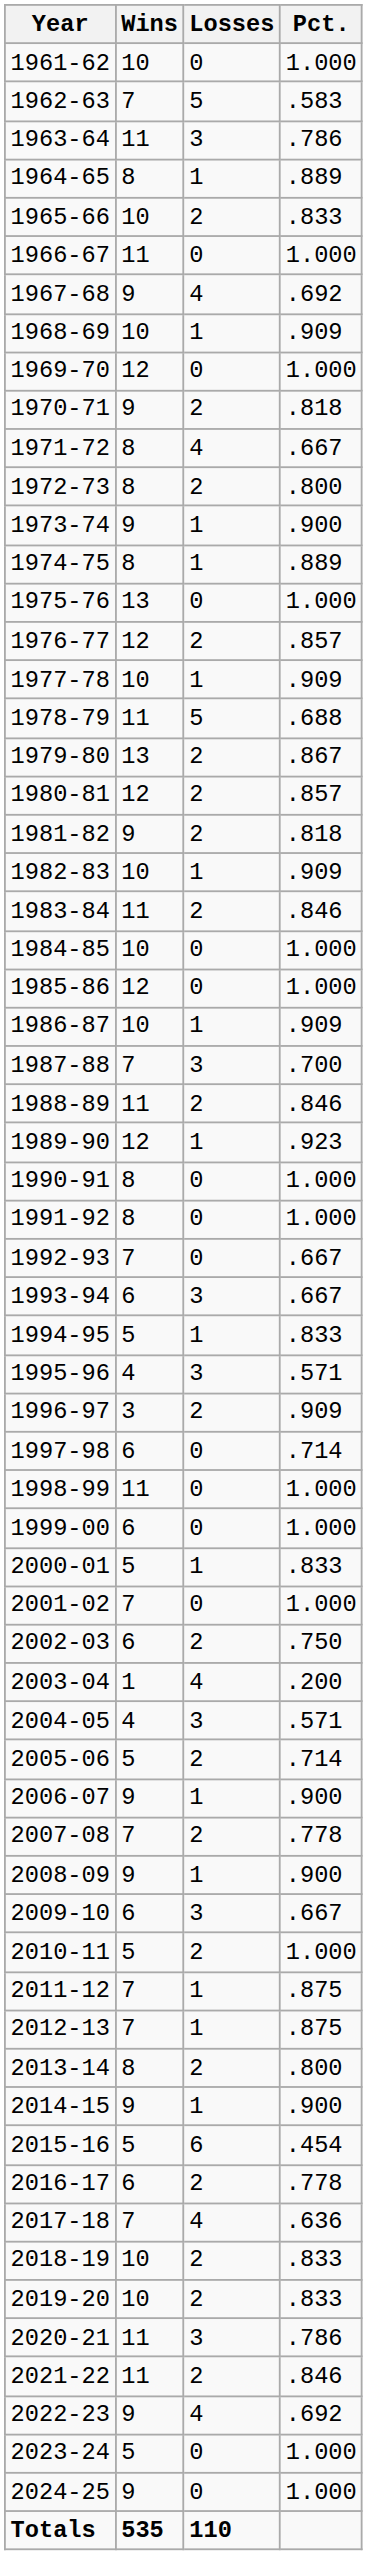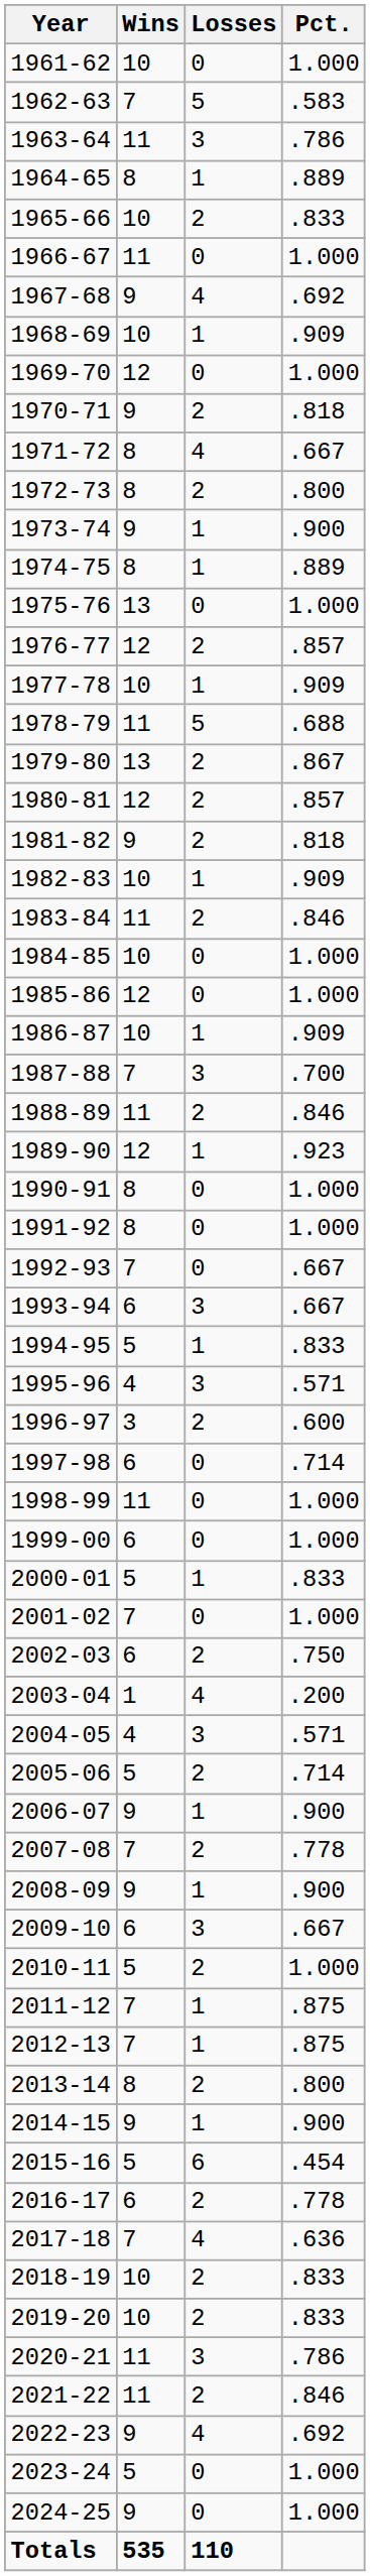 <table class="wikitable">
 <tr>
 <th>Year</th>
 <th>Wins</th>
 <th>Losses</th>
 <th>Pct.</th>
 </tr>
 <tr>
 <td>1961-62</td>
 <td>10</td>
 <td>0</td>
 <td>1.000</td>
 </tr>
 <tr>
 <td>1962-63</td>
 <td>7</td>
 <td>5</td>
 <td>.583</td>
 </tr>
 <tr>
 <td>1963-64</td>
 <td>11</td>
 <td>3</td>
 <td>.786</td>
 </tr>
 <tr>
 <td>1964-65</td>
 <td>8</td>
 <td>1</td>
 <td>.889</td>
 </tr>
 <tr>
 <td>1965-66</td>
 <td>10</td>
 <td>2</td>
 <td>.833</td>
 </tr>
 <tr>
 <td>1966-67</td>
 <td>11</td>
 <td>0</td>
 <td>1.000</td>
 </tr>
 <tr>
 <td>1967-68</td>
 <td>9</td>
 <td>4</td>
 <td>.692</td>
 </tr>
 <tr>
 <td>1968-69</td>
 <td>10</td>
 <td>1</td>
 <td>.909</td>
 </tr>
 <tr>
 <td>1969-70</td>
 <td>12</td>
 <td>0</td>
 <td>1.000</td>
 </tr>
 <tr>
 <td>1970-71</td>
 <td>9</td>
 <td>2</td>
 <td>.818</td>
 </tr>
 <tr>
 <td>1971-72</td>
 <td>8</td>
 <td>4</td>
 <td>.667</td>
 </tr>
 <tr>
 <td>1972-73</td>
 <td>8</td>
 <td>2</td>
 <td>.800</td>
 </tr>
 <tr>
 <td>1973-74</td>
 <td>9</td>
 <td>1</td>
 <td>.900</td>
 </tr>
 <tr>
 <td>1974-75</td>
 <td>8</td>
 <td>1</td>
 <td>.889</td>
 </tr>
 <tr>
 <td>1975-76</td>
 <td>13</td>
 <td>0</td>
 <td>1.000</td>
 </tr>
 <tr>
 <td>1976-77</td>
 <td>12</td>
 <td>2</td>
 <td>.857</td>
 </tr>
 <tr>
 <td>1977-78</td>
 <td>10</td>
 <td>1</td>
 <td>.909</td>
 </tr>
 <tr>
 <td>1978-79</td>
 <td>11</td>
 <td>5</td>
 <td>.688</td>
 </tr>
 <tr>
 <td>1979-80</td>
 <td>13</td>
 <td>2</td>
 <td>.867</td>
 </tr>
 <tr>
 <td>1980-81</td>
 <td>12</td>
 <td>2</td>
 <td>.857</td>
 </tr>
 <tr>
 <td>1981-82</td>
 <td>9</td>
 <td>2</td>
 <td>.818</td>
 </tr>
 <tr>
 <td>1982-83</td>
 <td>10</td>
 <td>1</td>
 <td>.909</td>
 </tr>
 <tr>
 <td>1983-84</td>
 <td>11</td>
 <td>2</td>
 <td>.846</td>
 </tr>
 <tr>
 <td>1984-85</td>
 <td>10</td>
 <td>0</td>
 <td>1.000</td>
 </tr>
 <tr>
 <td>1985-86</td>
 <td>12</td>
 <td>0</td>
 <td>1.000</td>
 </tr>
 <tr>
 <td>1986-87</td>
 <td>10</td>
 <td>1</td>
 <td>.909</td>
 </tr>
 <tr>
 <td>1987-88</td>
 <td>7</td>
 <td>3</td>
 <td>.700</td>
 </tr>
 <tr>
 <td>1988-89</td>
 <td>11</td>
 <td>2</td>
 <td>.846</td>
 </tr>
 <tr>
 <td>1989-90</td>
 <td>12</td>
 <td>1</td>
 <td>.923</td>
 </tr>
 <tr>
 <td>1990-91</td>
 <td>8</td>
 <td>0</td>
 <td>1.000</td>
 </tr>
 <tr>
 <td>1991-92</td>
 <td>8</td>
 <td>0</td>
 <td>1.000</td>
 </tr>
 <tr>
 <td>1992-93</td>
 <td>7</td>
 <td>0</td>
 <td>.667</td>
 </tr>
 <tr>
 <td>1993-94</td>
 <td>6</td>
 <td>3</td>
 <td>.667</td>
 </tr>
 <tr>
 <td>1994-95</td>
 <td>5</td>
 <td>1</td>
 <td>.833</td>
 </tr>
 <tr>
 <td>1995-96</td>
 <td>4</td>
 <td>3</td>
 <td>.571</td>
 </tr>
 <tr>
 <td>1996-97</td>
 <td>3</td>
 <td>2</td>
-<td>.909</td>
+<td>.600</td>
 </tr>
 <tr>
 <td>1997-98</td>
 <td>6</td>
 <td>0</td>
 <td>.714</td>
 </tr>
 <tr>
 <td>1998-99</td>
 <td>11</td>
 <td>0</td>
 <td>1.000</td>
 </tr>
 <tr>
 <td>1999-00</td>
 <td>6</td>
 <td>0</td>
 <td>1.000</td>
 </tr>
 <tr>
 <td>2000-01</td>
 <td>5</td>
 <td>1</td>
 <td>.833</td>
 </tr>
 <tr>
 <td>2001-02</td>
 <td>7</td>
 <td>0</td>
 <td>1.000</td>
 </tr>
 <tr>
 <td>2002-03</td>
 <td>6</td>
 <td>2</td>
 <td>.750</td>
 </tr>
 <tr>
 <td>2003-04</td>
 <td>1</td>
 <td>4</td>
 <td>.200</td>
 </tr>
 <tr>
 <td>2004-05</td>
 <td>4</td>
 <td>3</td>
 <td>.571</td>
 </tr>
 <tr>
 <td>2005-06</td>
 <td>5</td>
 <td>2</td>
 <td>.714</td>
 </tr>
 <tr>
 <td>2006-07</td>
 <td>9</td>
 <td>1</td>
 <td>.900</td>
 </tr>
 <tr>
 <td>2007-08</td>
 <td>7</td>
 <td>2</td>
 <td>.778</td>
 </tr>
 <tr>
 <td>2008-09</td>
 <td>9</td>
 <td>1</td>
 <td>.900</td>
 </tr>
 <tr>
 <td>2009-10</td>
 <td>6</td>
 <td>3</td>
 <td>.667</td>
 </tr>
 <tr>
 <td>2010-11</td>
 <td>5</td>
 <td>2</td>
 <td>1.000</td>
 </tr>
 <tr>
 <td>2011-12</td>
 <td>7</td>
 <td>1</td>
 <td>.875</td>
 </tr>
 <tr>
 <td>2012-13</td>
 <td>7</td>
 <td>1</td>
 <td>.875</td>
 </tr>
 <tr>
 <td>2013-14</td>
 <td>8</td>
 <td>2</td>
 <td>.800</td>
 </tr>
 <tr>
 <td>2014-15</td>
 <td>9</td>
 <td>1</td>
 <td>.900</td>
 </tr>
 <tr>
 <td>2015-16</td>
 <td>5</td>
 <td>6</td>
 <td>.454</td>
 </tr>
 <tr>
 <td>2016-17</td>
 <td>6</td>
 <td>2</td>
 <td>.778</td>
 </tr>
 <tr>
 <td>2017-18</td>
 <td>7</td>
 <td>4</td>
 <td>.636</td>
 </tr>
 <tr>
 <td>2018-19</td>
 <td>10</td>
 <td>2</td>
 <td>.833</td>
 </tr>
 <tr>
 <td>2019-20</td>
 <td>10</td>
 <td>2</td>
 <td>.833</td>
 </tr>
 <tr>
 <td>2020-21</td>
 <td>11</td>
 <td>3</td>
 <td>.786</td>
 </tr>
 <tr>
 <td>2021-22</td>
 <td>11</td>
 <td>2</td>
 <td>.846</td>
 </tr>
 <tr>
 <td>2022-23</td>
 <td>9</td>
 <td>4</td>
 <td>.692</td>
 </tr>
 <tr>
 <td>2023-24</td>
 <td>5</td>
 <td>0</td>
 <td>1.000</td>
 </tr>
 <tr>
 <td>2024-25</td>
 <td>9</td>
 <td>0</td>
 <td>1.000</td>
 </tr>
 <tr>
 <td><strong>Totals</strong></td>
 <td><strong>535</strong></td>
 <td><strong>110</strong></td>
 <td><strong></strong></td>
 </tr>
 </table>
